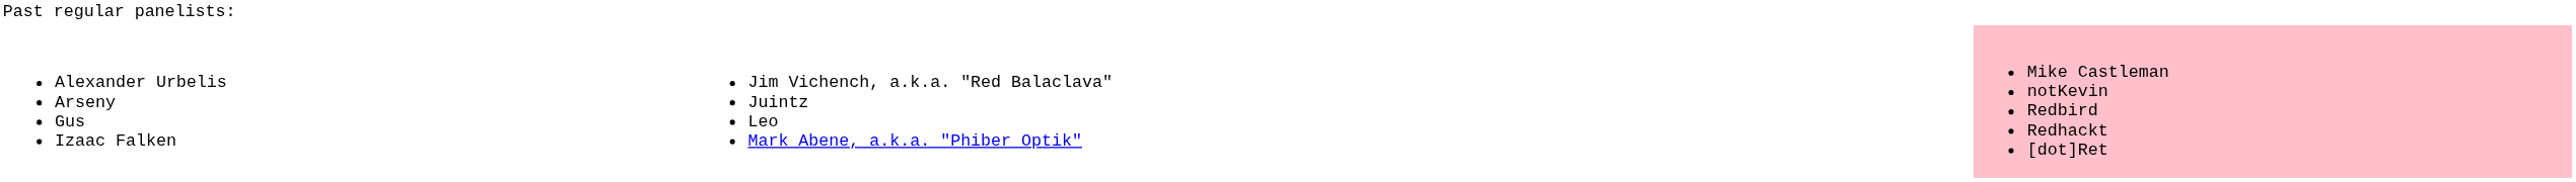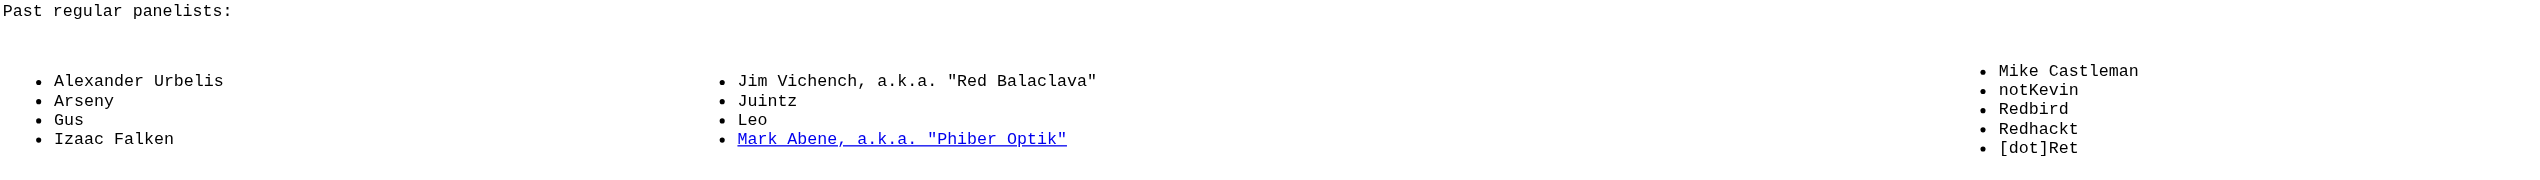 <table style="width:100%;">
 <tr>
 <td colspan="2">Past regular panelists:</td>
 </tr>
 <tr>
 <td><br><ul><li>Alexander Urbelis</li><li>Arseny</li><li>Gus</li><li>Izaac Falken</li></ul></td>
 <td><br><ul><li>Jim Vichench, a.k.a. "Red Balaclava"</li><li>Juintz</li><li>Leo</li><li><a href='#'>Mark Abene, a.k.a. "Phiber Optik"</a></li></ul></td>
-<td style="background: pink;"><br><ul><li>Mike Castleman</li><li>notKevin</li><li>Redbird</li><li>Redhackt</li><li>&#91;dot&#93;Ret</li></ul></td>
+<td><br><ul><li>Mike Castleman</li><li>notKevin</li><li>Redbird</li><li>Redhackt</li><li>&#91;dot&#93;Ret</li></ul></td>
 </tr>
 </table>
